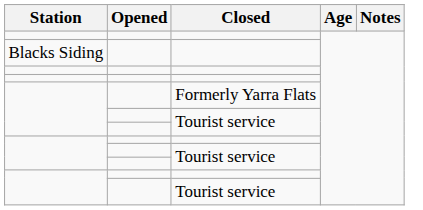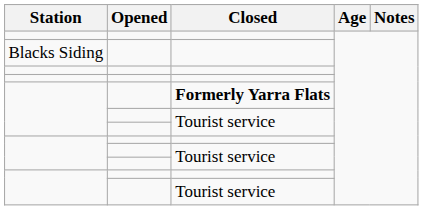 <table class="wikitable sortable">
 <tr>
 <th>Station</th>
 <th>Opened</th>
 <th>Closed</th>
 <th>Age</th>
 <th scope=col class=unsortable>Notes</th>
 </tr>
 <tr>
 <td></td>
 <td></td>
 <td></td>
 </tr>
 <tr>
 <td>Blacks Siding</td>
 <td></td>
 <td></td>
 </tr>
 <tr>
 <td></td>
 <td></td>
 <td></td>
 </tr>
 <tr>
 <td></td>
 <td></td>
 <td></td>
 </tr>
 <tr>
 <td rowspan="3"></td>
 <td></td>
-<td>Formerly Yarra Flats</td>
+<td><strong>Formerly Yarra Flats</strong></td>
 </tr>
 <tr>
 <td></td>
 <td rowspan="2">Tourist service</td>
 </tr>
 <tr>
 <td></td>
 </tr>
 <tr>
 <td rowspan="3"></td>
 <td></td>
 <td></td>
 </tr>
 <tr>
 <td></td>
 <td rowspan="2">Tourist service</td>
 </tr>
 <tr>
 <td></td>
 </tr>
 <tr>
 <td rowspan="2"></td>
 <td></td>
 <td></td>
 </tr>
 <tr>
 <td></td>
 <td>Tourist service</td>
 </tr>
 </table>
